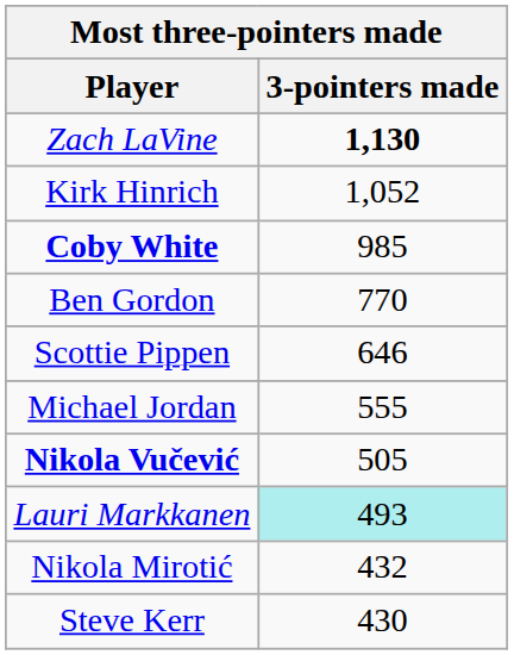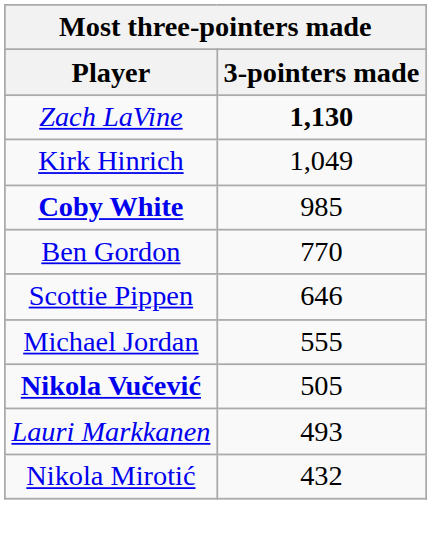 <table class="wikitable sortable" style="text-align:center">
 <tr>
 <th colspan="2" style="text-align:center; ">Most three-pointers made</th>
 </tr>
 <tr>
 <th style="text-align:center; ">Player</th>
 <th style="text-align:center; ">3-pointers made</th>
 </tr>
 <tr>
 <td><em><a href='#'>Zach LaVine</a></em></td>
 <td><strong>1,130</strong></td>
 </tr>
 <tr>
 <td><a href='#'>Kirk Hinrich</a></td>
-<td>1,052</td>
+<td>1,049</td>
 </tr>
 <tr>
 <td><strong><a href='#'>Coby White</a></strong></td>
 <td>985</td>
 </tr>
 <tr>
 <td><a href='#'>Ben Gordon</a></td>
 <td>770</td>
 </tr>
 <tr>
 <td><a href='#'>Scottie Pippen</a></td>
 <td>646</td>
 </tr>
 <tr>
 <td><a href='#'>Michael Jordan</a></td>
 <td>555</td>
 </tr>
 <tr>
 <td><strong><a href='#'>Nikola Vučević</a></strong></td>
 <td>505</td>
 </tr>
 <tr>
 <td><em><a href='#'>Lauri Markkanen</a></em></td>
-<td style="background: paleturquoise;">493</td>
+<td>493</td>
 </tr>
 <tr>
 <td><a href='#'>Nikola Mirotić</a></td>
 <td>432</td>
 </tr>
-<tr>
-<td><a href='#'>Steve Kerr</a></td>
-<td>430</td>
-</tr>
 </table>
